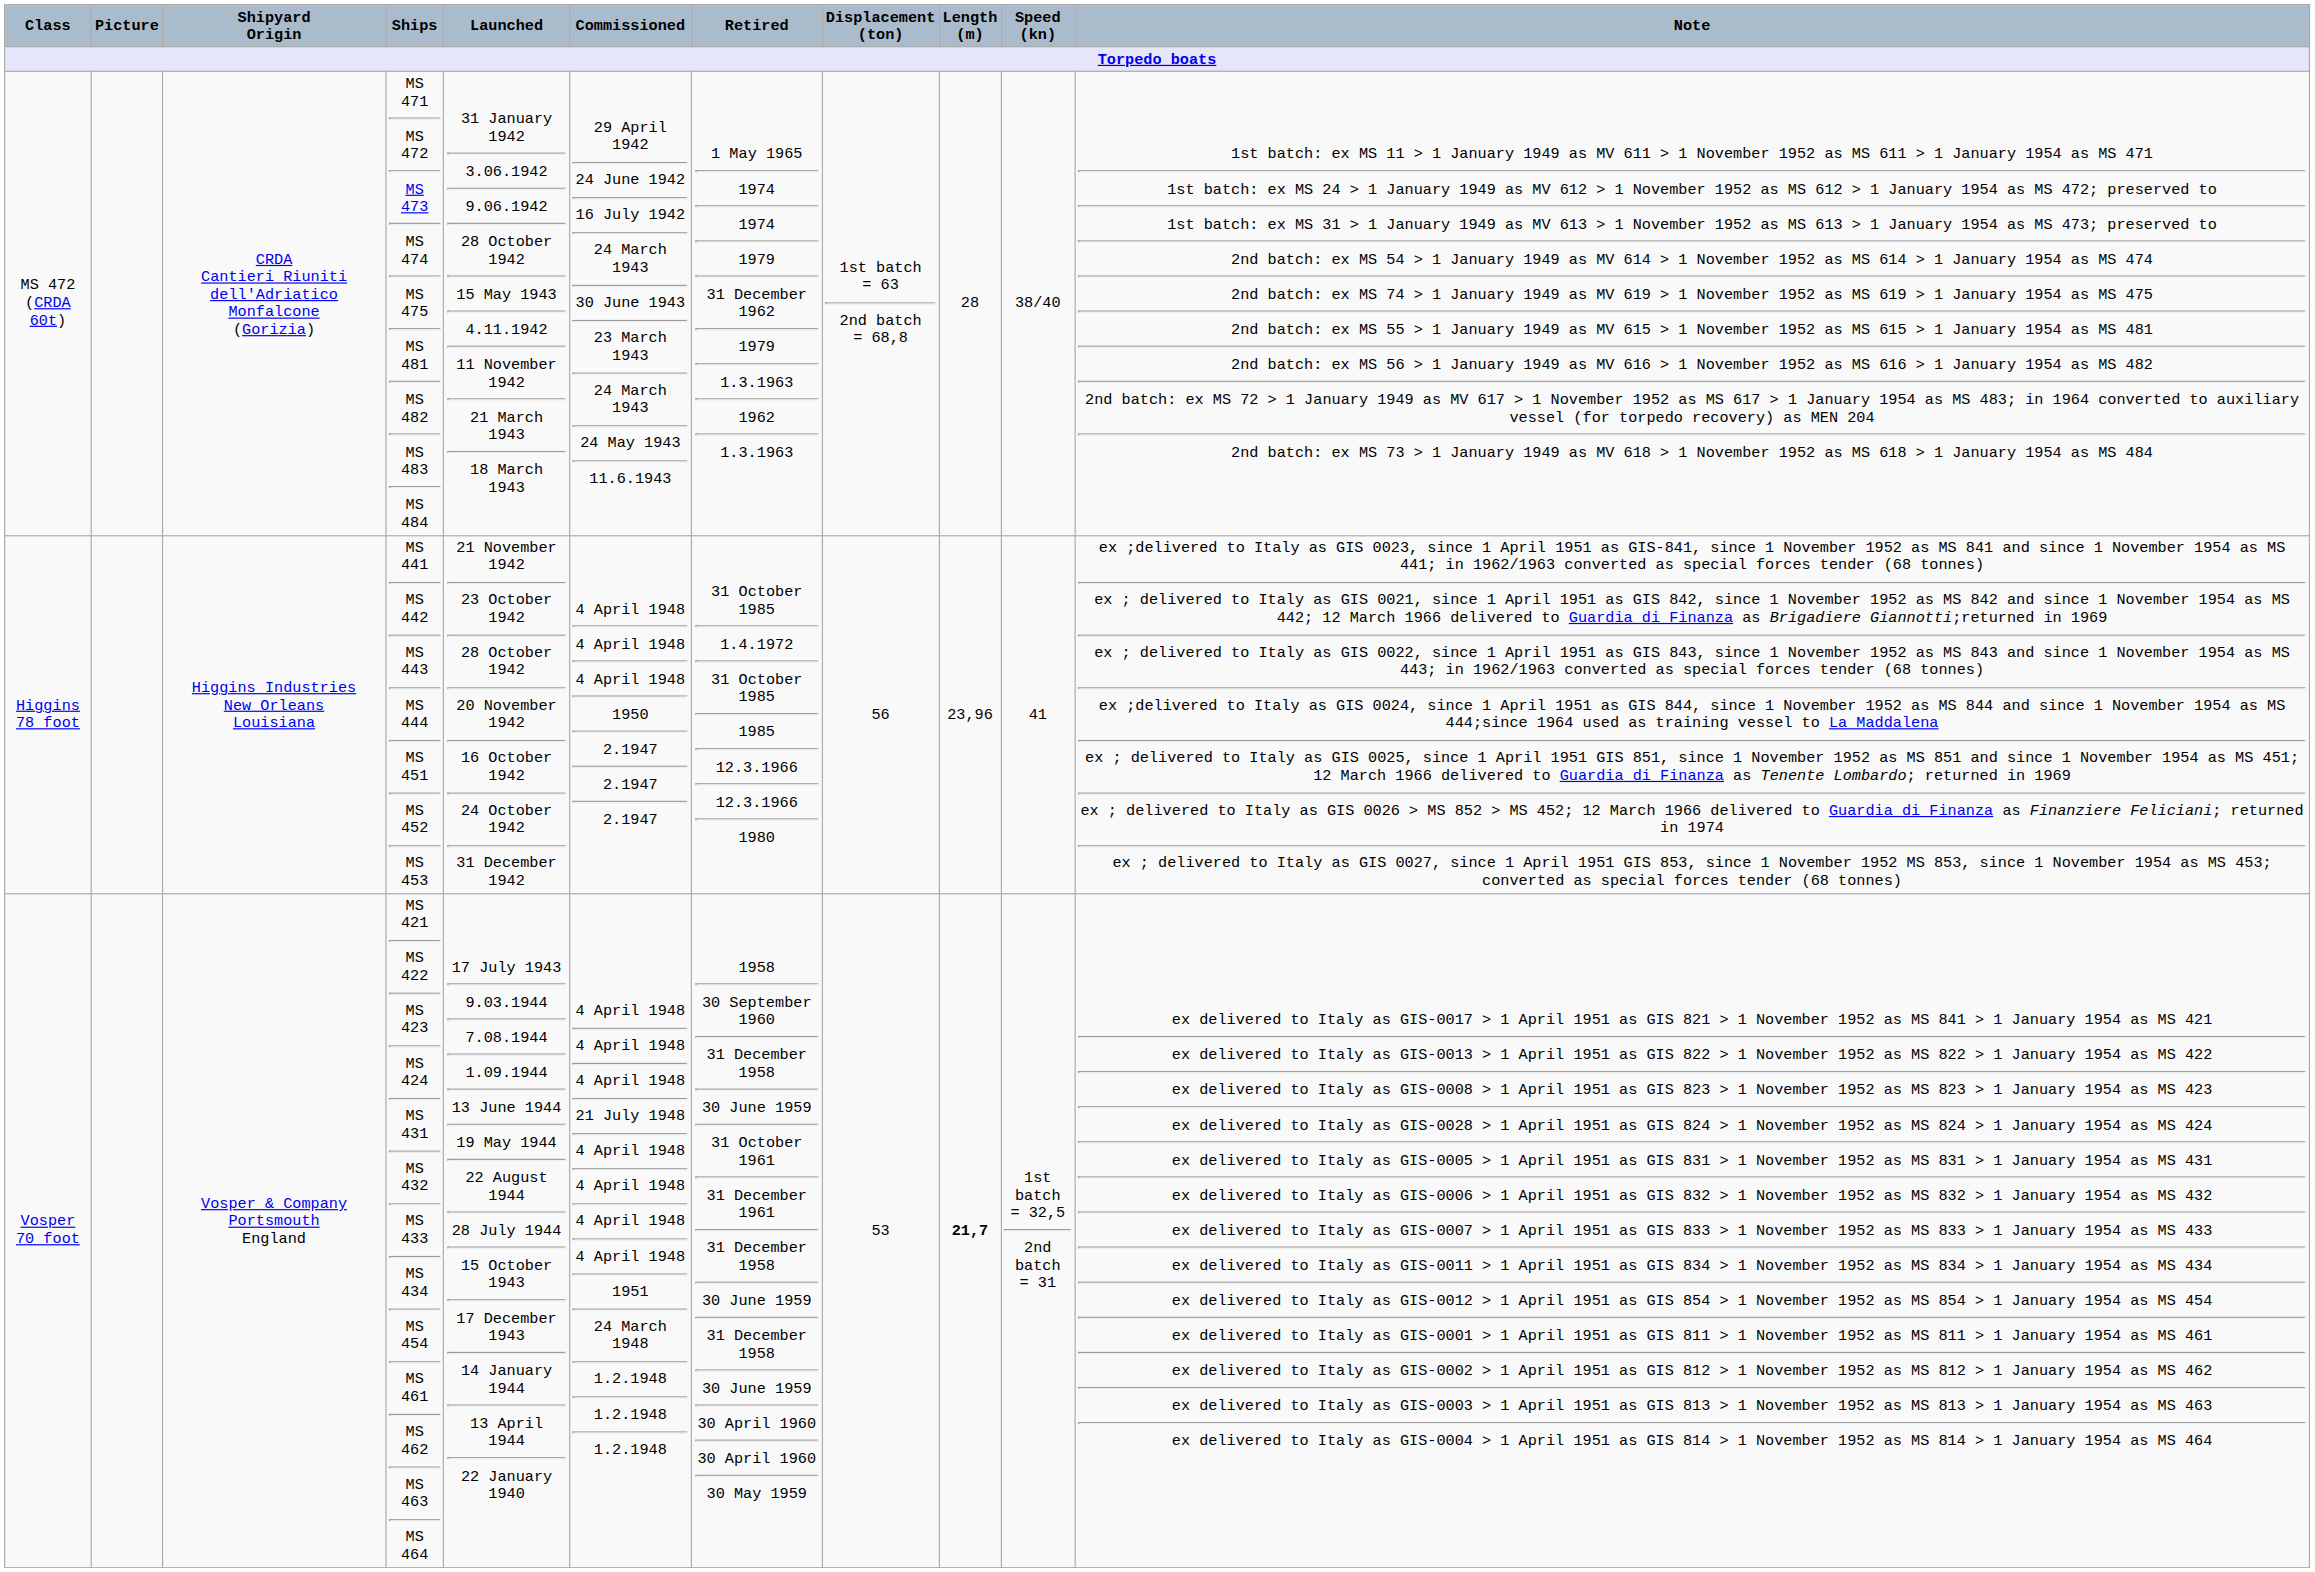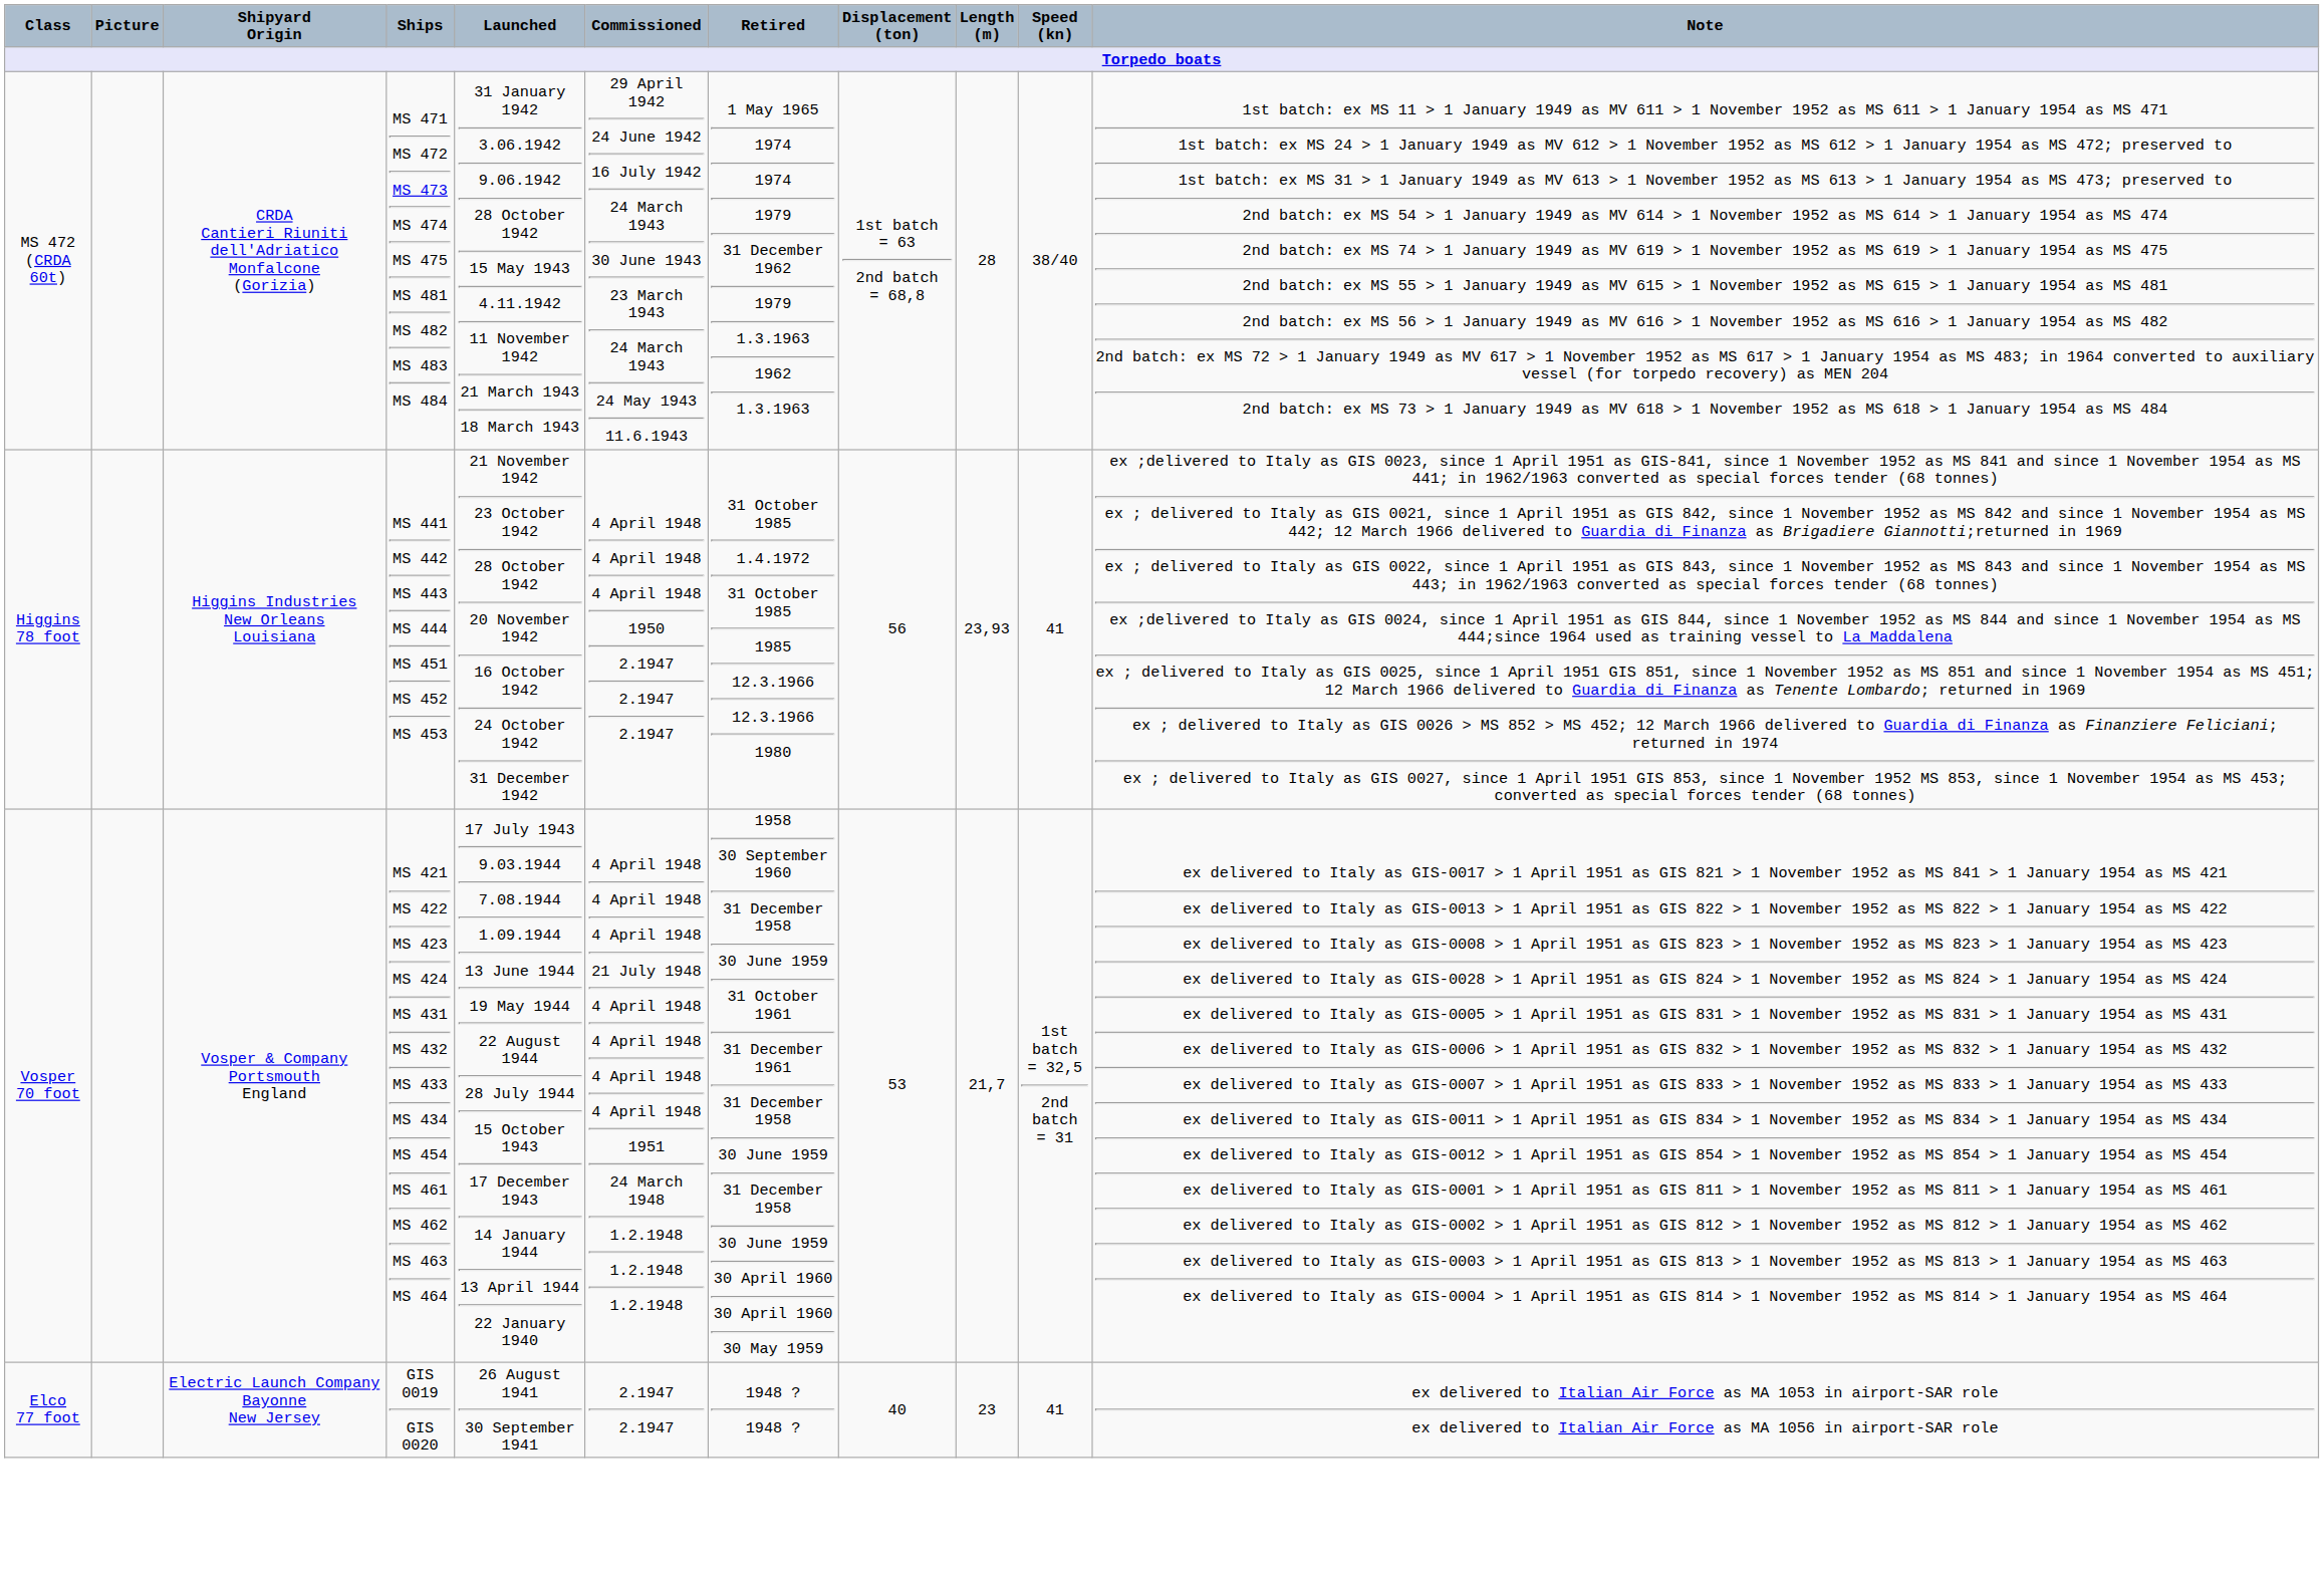 <table class="wikitable" style="text-align:center;">
 <tr>
 <th style="text-align: central; background: #aabccc;">Class</th>
 <th style="text-align: central; background: #aabccc;">Picture</th>
 <th style="text-align: central; background: #aabccc;">Shipyard<br>Origin</th>
 <th style="text-align: central; background: #aabccc;">Ships</th>
 <th style="text-align: central; background: #aabccc;">Launched</th>
 <th style="text-align: central; background: #aabccc;">Commissioned</th>
 <th style="text-align: central; background: #aabccc;">Retired</th>
 <th style="text-align: central; background: #aabccc;">Displacement<br>(ton)</th>
 <th style="text-align: central; background: #aabccc;">Length<br>(m)</th>
 <th style="text-align: central; background: #aabccc;">Speed<br>(kn)</th>
 <th style="text-align: central; background: #aabccc;">Note</th>
 </tr>
 <tr>
 <th style="align: center; background: lavender;" colspan="11"><strong><a href='#'>Torpedo boats</a></strong></th>
 </tr>
 <tr>
 <td>MS 472<br>(<a href='#'>CRDA 60t</a>)<br></td>
 <td></td>
 <td><a href='#'>CRDA<br>Cantieri Riuniti dell'Adriatico</a><br><a href='#'>Monfalcone</a><br>(<a href='#'>Gorizia</a>)<br><br></td>
 <td>MS 471 <hr>MS 472 <hr><a href='#'>MS 473</a><hr>MS 474 <hr>MS 475 <hr>MS 481<hr>MS 482<hr>MS 483 <hr>MS 484 </td>
 <td>31 January 1942<hr>3.06.1942<hr>9.06.1942<hr>28 October 1942<hr>15 May 1943<hr>4.11.1942<hr>11 November 1942<hr>21 March 1943<hr>18 March 1943</td>
 <td>29 April 1942<hr>24 June 1942<hr>16 July 1942<hr>24 March 1943<hr>30 June 1943<hr>23 March 1943<hr>24 March 1943<hr>24 May 1943<hr>11.6.1943</td>
 <td>1 May 1965<hr>1974<hr>1974<hr>1979<hr>31 December 1962<hr>1979<hr>1.3.1963<hr>1962<hr>1.3.1963</td>
 <td>1st batch<br>= 63<hr>2nd batch<br>= 68,8</td>
 <td>28</td>
 <td>38/40</td>
 <td>1st batch: ex MS 11 > 1 January 1949 as MV 611 > 1 November 1952 as MS 611 > 1 January 1954 as MS 471 <hr>1st batch: ex MS 24 > 1 January 1949 as MV 612 > 1 November 1952 as MS 612 > 1 January 1954 as MS 472; preserved to <hr>1st batch: ex MS 31 > 1 January 1949 as MV 613 > 1 November 1952 as MS 613 > 1 January 1954 as MS 473; preserved to <hr>2nd batch: ex MS 54 > 1 January 1949 as MV 614 > 1 November 1952 as MS 614 > 1 January 1954 as MS 474 <hr>2nd batch: ex MS 74 > 1 January 1949 as MV 619 > 1 November 1952 as MS 619 > 1 January 1954 as MS 475 <hr>2nd batch: ex MS 55 > 1 January 1949 as MV 615 > 1 November 1952 as MS 615 > 1 January 1954 as MS 481 <hr>2nd batch: ex MS 56 > 1 January 1949 as MV 616 > 1 November 1952 as MS 616 > 1 January 1954 as MS 482 <hr>2nd batch: ex MS 72 > 1 January 1949 as MV 617 > 1 November 1952 as MS 617 > 1 January 1954 as MS 483; in 1964 converted to auxiliary vessel (for torpedo recovery) as MEN 204<hr>2nd batch: ex MS 73 > 1 January 1949 as MV 618 > 1 November 1952 as MS 618 > 1 January 1954 as MS 484 </td>
 </tr>
 <tr>
 <td><a href='#'>Higgins<br>78 foot</a><br></td>
 <td></td>
 <td><a href='#'>Higgins Industries</a><br><a href='#'>New Orleans</a><br><a href='#'>Louisiana</a><br><br></td>
 <td>MS 441 <hr>MS 442 <hr>MS 443 <hr>MS 444 <hr>MS 451<hr>MS 452 <hr>MS 453 </td>
 <td>21 November 1942<hr>23 October 1942<hr>28 October 1942<hr>20 November 1942<hr>16 October 1942<hr>24 October 1942<hr>31 December 1942</td>
 <td>4 April 1948<hr>4 April 1948<hr>4 April 1948<hr>1950<hr>2.1947<hr>2.1947<hr>2.1947</td>
 <td>31 October 1985<hr>1.4.1972<hr>31 October 1985<hr>1985<hr>12.3.1966<hr>12.3.1966<hr>1980</td>
 <td>56</td>
-<td>23,96</td>
+<td>23,93</td>
 <td>41</td>
 <td>ex ;delivered to Italy as GIS 0023, since 1 April 1951 as GIS-841, since 1 November 1952 as MS 841 and since 1 November 1954 as MS 441; in 1962/1963 converted as special forces tender (68 tonnes)<hr>ex ; delivered to Italy as GIS 0021, since 1 April 1951 as GIS 842, since 1 November 1952 as MS 842 and since 1 November 1954 as MS 442; 12 March 1966 delivered to <a href='#'>Guardia di Finanza</a> as <em>Brigadiere Giannotti</em>;returned in 1969<hr>ex ; delivered to Italy as GIS 0022, since 1 April 1951 as GIS 843, since 1 November 1952 as MS 843 and since 1 November 1954 as MS 443; in 1962/1963 converted as special forces tender (68 tonnes)<hr>ex ;delivered to Italy as GIS 0024, since 1 April 1951 as GIS 844, since 1 November 1952 as MS 844 and since 1 November 1954 as MS 444;since 1964 used as training vessel to <a href='#'>La Maddalena</a><hr>ex ; delivered to Italy as GIS 0025, since 1 April 1951 GIS 851, since 1 November 1952 as MS 851 and since 1 November 1954 as MS 451; 12 March 1966 delivered to <a href='#'>Guardia di Finanza</a> as <em>Tenente Lombardo</em>; returned in 1969<hr>ex ; delivered to Italy as GIS 0026 > MS 852 > MS 452; 12 March 1966 delivered to <a href='#'>Guardia di Finanza</a> as <em>Finanziere Feliciani</em>; returned in 1974<hr>ex ; delivered to Italy as GIS 0027, since 1 April 1951 GIS 853, since 1 November 1952 MS 853, since 1 November 1954 as MS 453; converted as special forces tender (68 tonnes)</td>
 </tr>
 <tr>
 <td><a href='#'>Vosper<br>70 foot</a><br></td>
 <td></td>
 <td><a href='#'>Vosper & Company</a><br><a href='#'>Portsmouth</a><br>England<br><br></td>
 <td>MS 421<hr>MS 422<hr>MS 423<hr>MS 424 <hr>MS 431<hr>MS 432<hr>MS 433 <hr>MS 434 <hr>MS 454 <hr>MS 461 <hr>MS 462 <hr>MS 463<hr>MS 464</td>
 <td>17 July 1943<hr>9.03.1944<hr>7.08.1944<hr>1.09.1944<hr>13 June 1944<hr>19 May 1944<hr>22 August 1944<hr>28 July 1944<hr>15 October 1943<hr>17 December 1943<hr>14 January 1944<hr>13 April 1944<hr>22 January 1940</td>
 <td>4 April 1948<hr>4 April 1948<hr>4 April 1948<hr>21 July 1948<hr>4 April 1948<hr>4 April 1948<hr>4 April 1948<hr>4 April 1948<hr>1951<hr>24 March 1948<hr>1.2.1948<hr>1.2.1948<hr>1.2.1948</td>
 <td>1958<hr>30 September 1960<hr>31 December 1958<hr>30 June 1959<hr>31 October 1961<hr>31 December 1961<hr>31 December 1958<hr>30 June 1959<hr>31 December 1958<hr>30 June 1959<hr>30 April 1960<hr>30 April 1960<hr>30 May 1959</td>
 <td>53</td>
-<td><strong>21,7</strong></td>
+<td>21,7</td>
 <td>1st batch<br>= 32,5<hr>2nd batch<br>= 31</td>
 <td>ex  delivered to Italy as GIS-0017 > 1 April 1951 as GIS 821 > 1 November 1952 as MS 841 > 1 January 1954 as MS 421<hr>ex  delivered to Italy as GIS-0013 > 1 April 1951 as GIS 822 > 1 November 1952 as MS 822 > 1 January 1954 as MS 422<hr>ex  delivered to Italy as GIS-0008 > 1 April 1951 as GIS 823 > 1 November 1952 as MS 823 > 1 January 1954 as MS 423<hr>ex  delivered to Italy as GIS-0028 > 1 April 1951 as GIS 824 > 1 November 1952 as MS 824 > 1 January 1954 as MS 424<hr>ex  delivered to Italy as GIS-0005 > 1 April 1951 as GIS 831 > 1 November 1952 as MS 831 > 1 January 1954 as MS 431<hr>ex  delivered to Italy as GIS-0006 > 1 April 1951 as GIS 832 > 1 November 1952 as MS 832 > 1 January 1954 as MS 432<hr>ex  delivered to Italy as GIS-0007 > 1 April 1951 as GIS 833 > 1 November 1952 as MS 833 > 1 January 1954 as MS 433<hr>ex  delivered to Italy as GIS-0011 > 1 April 1951 as GIS 834 > 1 November 1952 as MS 834 > 1 January 1954 as MS 434<hr>ex  delivered to Italy as GIS-0012 > 1 April 1951 as GIS 854 > 1 November 1952 as MS 854 > 1 January 1954 as MS 454<hr>ex  delivered to Italy as GIS-0001 > 1 April 1951 as GIS 811 > 1 November 1952 as MS 811 > 1 January 1954 as MS 461<hr>ex  delivered to Italy as GIS-0002 > 1 April 1951 as GIS 812 > 1 November 1952 as MS 812 > 1 January 1954 as MS 462<hr>ex  delivered to Italy as GIS-0003 > 1 April 1951 as GIS 813 > 1 November 1952 as MS 813 > 1 January 1954 as MS 463<hr>ex  delivered to Italy as GIS-0004 > 1 April 1951 as GIS 814 > 1 November 1952 as MS 814 > 1 January 1954 as MS 464</td>
 </tr>
+<tr>
+<td><a href='#'>Elco<br>77 foot</a></td>
+<td></td>
+<td><a href='#'>Electric Launch Company</a><br><a href='#'>Bayonne</a><br><a href='#'>New Jersey</a><br><br></td>
+<td>GIS 0019 <hr>GIS 0020</td>
+<td>26 August 1941<hr>30 September 1941</td>
+<td>2.1947<hr>2.1947</td>
+<td>1948 ?<hr>1948 ?</td>
+<td>40</td>
+<td>23</td>
+<td>41</td>
+<td>ex  delivered to <a href='#'>Italian Air Force</a> as MA 1053 in airport-SAR role<hr>ex  delivered to <a href='#'>Italian Air Force</a> as MA 1056 in airport-SAR role</td>
+</tr>
 </table>
